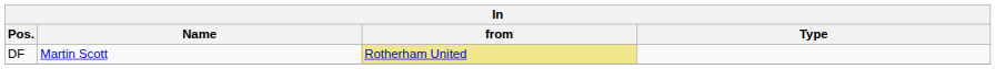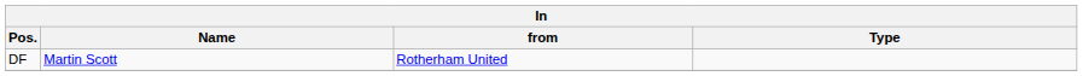 <table class="wikitable" style="font-size:100%;width:99%;">
 <tr>
 <th colspan="4">In</th>
 </tr>
 <tr>
 <th width=3%>Pos.</th>
 <th width=33%>Name</th>
 <th width=28%>from</th>
 <th width=36%>Type</th>
 </tr>
 <tr>
 <td>DF</td>
 <td><a href='#'>Martin Scott</a></td>
-<td style="background: khaki;"><a href='#'>Rotherham United</a></td>
+<td><a href='#'>Rotherham United</a></td>
 <td></td>
 </tr>
 <tr>
 </tr>
 </table>
